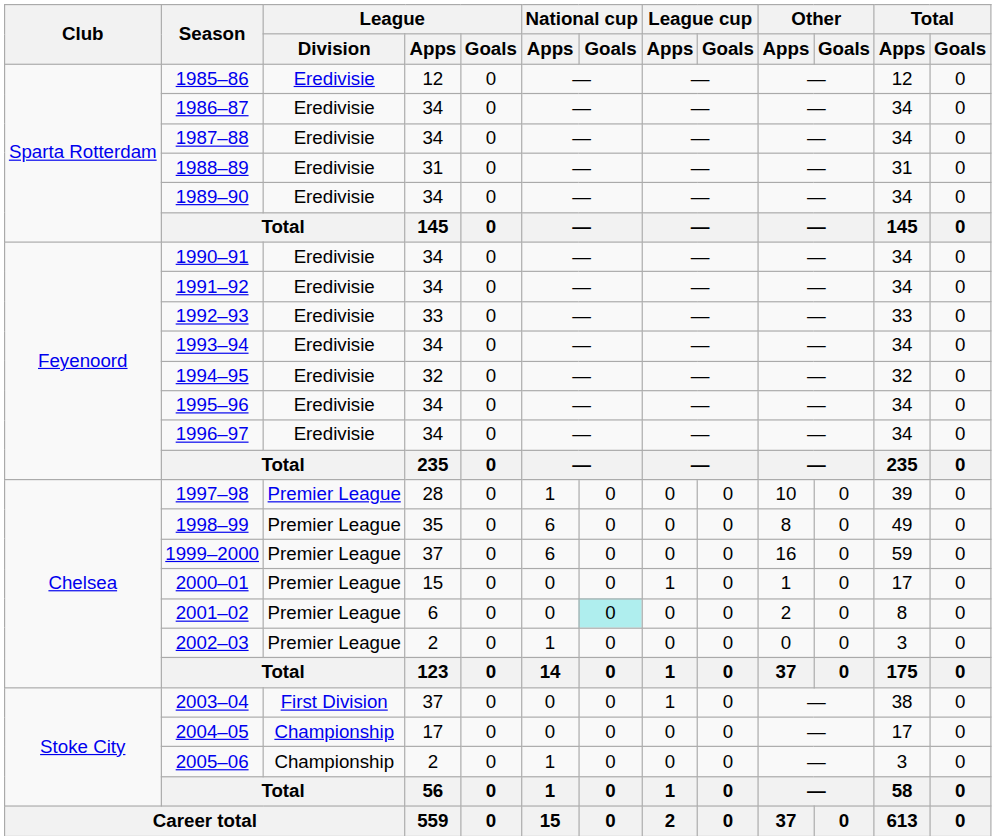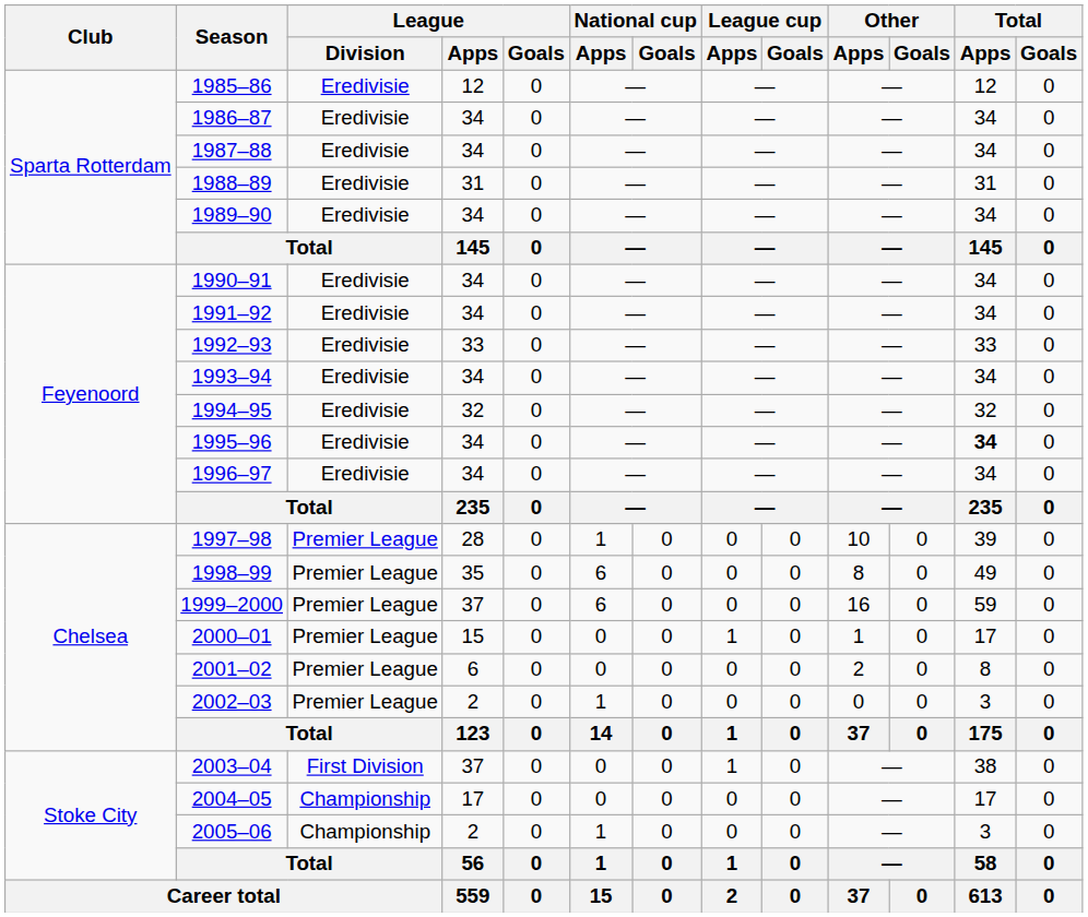 <table class="wikitable" style="text-align:center">
 <tr>
 <th rowspan="2">Club</th>
 <th rowspan="2">Season</th>
 <th colspan="3">League</th>
 <th colspan="2">National cup</th>
 <th colspan="2">League cup</th>
 <th colspan="2">Other</th>
 <th colspan="2">Total</th>
 </tr>
 <tr>
 <th>Division</th>
 <th>Apps</th>
 <th>Goals</th>
 <th>Apps</th>
 <th>Goals</th>
 <th>Apps</th>
 <th>Goals</th>
 <th>Apps</th>
 <th>Goals</th>
 <th>Apps</th>
 <th>Goals</th>
 </tr>
 <tr>
 <td rowspan="6"><a href='#'>Sparta Rotterdam</a></td>
 <td><a href='#'>1985–86</a></td>
 <td><a href='#'>Eredivisie</a></td>
 <td>12</td>
 <td>0</td>
 <td colspan="2">—</td>
 <td colspan="2">—</td>
 <td colspan="2">—</td>
 <td>12</td>
 <td>0</td>
 </tr>
 <tr>
 <td><a href='#'>1986–87</a></td>
 <td>Eredivisie</td>
 <td>34</td>
 <td>0</td>
 <td colspan="2">—</td>
 <td colspan="2">—</td>
 <td colspan="2">—</td>
 <td>34</td>
 <td>0</td>
 </tr>
 <tr>
 <td><a href='#'>1987–88</a></td>
 <td>Eredivisie</td>
 <td>34</td>
 <td>0</td>
 <td colspan="2">—</td>
 <td colspan="2">—</td>
 <td colspan="2">—</td>
 <td>34</td>
 <td>0</td>
 </tr>
 <tr>
 <td><a href='#'>1988–89</a></td>
 <td>Eredivisie</td>
 <td>31</td>
 <td>0</td>
 <td colspan="2">—</td>
 <td colspan="2">—</td>
 <td colspan="2">—</td>
 <td>31</td>
 <td>0</td>
 </tr>
 <tr>
 <td><a href='#'>1989–90</a></td>
 <td>Eredivisie</td>
 <td>34</td>
 <td>0</td>
 <td colspan="2">—</td>
 <td colspan="2">—</td>
 <td colspan="2">—</td>
 <td>34</td>
 <td>0</td>
 </tr>
 <tr>
 <th colspan="2">Total</th>
 <th>145</th>
 <th>0</th>
 <th colspan="2">—</th>
 <th colspan="2">—</th>
 <th colspan="2">—</th>
 <th>145</th>
 <th>0</th>
 </tr>
 <tr>
 <td rowspan="8"><a href='#'>Feyenoord</a></td>
 <td><a href='#'>1990–91</a></td>
 <td>Eredivisie</td>
 <td>34</td>
 <td>0</td>
 <td colspan="2">—</td>
 <td colspan="2">—</td>
 <td colspan="2">—</td>
 <td>34</td>
 <td>0</td>
 </tr>
 <tr>
 <td><a href='#'>1991–92</a></td>
 <td>Eredivisie</td>
 <td>34</td>
 <td>0</td>
 <td colspan="2">—</td>
 <td colspan="2">—</td>
 <td colspan="2">—</td>
 <td>34</td>
 <td>0</td>
 </tr>
 <tr>
 <td><a href='#'>1992–93</a></td>
 <td>Eredivisie</td>
 <td>33</td>
 <td>0</td>
 <td colspan="2">—</td>
 <td colspan="2">—</td>
 <td colspan="2">—</td>
 <td>33</td>
 <td>0</td>
 </tr>
 <tr>
 <td><a href='#'>1993–94</a></td>
 <td>Eredivisie</td>
 <td>34</td>
 <td>0</td>
 <td colspan="2">—</td>
 <td colspan="2">—</td>
 <td colspan="2">—</td>
 <td>34</td>
 <td>0</td>
 </tr>
 <tr>
 <td><a href='#'>1994–95</a></td>
 <td>Eredivisie</td>
 <td>32</td>
 <td>0</td>
 <td colspan="2">—</td>
 <td colspan="2">—</td>
 <td colspan="2">—</td>
 <td>32</td>
 <td>0</td>
 </tr>
 <tr>
 <td><a href='#'>1995–96</a></td>
 <td>Eredivisie</td>
 <td>34</td>
 <td>0</td>
 <td colspan="2">—</td>
 <td colspan="2">—</td>
 <td colspan="2">—</td>
-<td>34</td>
+<td><strong>34</strong></td>
 <td>0</td>
 </tr>
 <tr>
 <td><a href='#'>1996–97</a></td>
 <td>Eredivisie</td>
 <td>34</td>
 <td>0</td>
 <td colspan="2">—</td>
 <td colspan="2">—</td>
 <td colspan="2">—</td>
 <td>34</td>
 <td>0</td>
 </tr>
 <tr>
 <th colspan="2">Total</th>
 <th>235</th>
 <th>0</th>
 <th colspan="2">—</th>
 <th colspan="2">—</th>
 <th colspan="2">—</th>
 <th>235</th>
 <th>0</th>
 </tr>
 <tr>
 <td rowspan="7"><a href='#'>Chelsea</a></td>
 <td><a href='#'>1997–98</a></td>
 <td><a href='#'>Premier League</a></td>
 <td>28</td>
 <td>0</td>
 <td>1</td>
 <td>0</td>
 <td>0</td>
 <td>0</td>
 <td>10</td>
 <td>0</td>
 <td>39</td>
 <td>0</td>
 </tr>
 <tr>
 <td><a href='#'>1998–99</a></td>
 <td>Premier League</td>
 <td>35</td>
 <td>0</td>
 <td>6</td>
 <td>0</td>
 <td>0</td>
 <td>0</td>
 <td>8</td>
 <td>0</td>
 <td>49</td>
 <td>0</td>
 </tr>
 <tr>
 <td><a href='#'>1999–2000</a></td>
 <td>Premier League</td>
 <td>37</td>
 <td>0</td>
 <td>6</td>
 <td>0</td>
 <td>0</td>
 <td>0</td>
 <td>16</td>
 <td>0</td>
 <td>59</td>
 <td>0</td>
 </tr>
 <tr>
 <td><a href='#'>2000–01</a></td>
 <td>Premier League</td>
 <td>15</td>
 <td>0</td>
 <td>0</td>
 <td>0</td>
 <td>1</td>
 <td>0</td>
 <td>1</td>
 <td>0</td>
 <td>17</td>
 <td>0</td>
 </tr>
 <tr>
 <td><a href='#'>2001–02</a></td>
 <td>Premier League</td>
 <td>6</td>
 <td>0</td>
 <td>0</td>
-<td style="background: paleturquoise;">0</td>
+<td>0</td>
 <td>0</td>
 <td>0</td>
 <td>2</td>
 <td>0</td>
 <td>8</td>
 <td>0</td>
 </tr>
 <tr>
 <td><a href='#'>2002–03</a></td>
 <td>Premier League</td>
 <td>2</td>
 <td>0</td>
 <td>1</td>
 <td>0</td>
 <td>0</td>
 <td>0</td>
 <td>0</td>
 <td>0</td>
 <td>3</td>
 <td>0</td>
 </tr>
 <tr>
 <th colspan="2">Total</th>
 <th>123</th>
 <th>0</th>
 <th>14</th>
 <th>0</th>
 <th>1</th>
 <th>0</th>
 <th>37</th>
 <th>0</th>
 <th>175</th>
 <th>0</th>
 </tr>
 <tr>
 <td rowspan="4"><a href='#'>Stoke City</a></td>
 <td><a href='#'>2003–04</a></td>
 <td><a href='#'>First Division</a></td>
 <td>37</td>
 <td>0</td>
 <td>0</td>
 <td>0</td>
 <td>1</td>
 <td>0</td>
 <td colspan="2">—</td>
 <td>38</td>
 <td>0</td>
 </tr>
 <tr>
 <td><a href='#'>2004–05</a></td>
 <td><a href='#'>Championship</a></td>
 <td>17</td>
 <td>0</td>
 <td>0</td>
 <td>0</td>
 <td>0</td>
 <td>0</td>
 <td colspan="2">—</td>
 <td>17</td>
 <td>0</td>
 </tr>
 <tr>
 <td><a href='#'>2005–06</a></td>
 <td>Championship</td>
 <td>2</td>
 <td>0</td>
 <td>1</td>
 <td>0</td>
 <td>0</td>
 <td>0</td>
 <td colspan="2">—</td>
 <td>3</td>
 <td>0</td>
 </tr>
 <tr>
 <th colspan="2">Total</th>
 <th>56</th>
 <th>0</th>
 <th>1</th>
 <th>0</th>
 <th>1</th>
 <th>0</th>
 <th colspan="2">—</th>
 <th>58</th>
 <th>0</th>
 </tr>
 <tr>
 <th colspan="3">Career total</th>
 <th>559</th>
 <th>0</th>
 <th>15</th>
 <th>0</th>
 <th>2</th>
 <th>0</th>
 <th>37</th>
 <th>0</th>
 <th>613</th>
 <th>0</th>
 </tr>
 </table>
